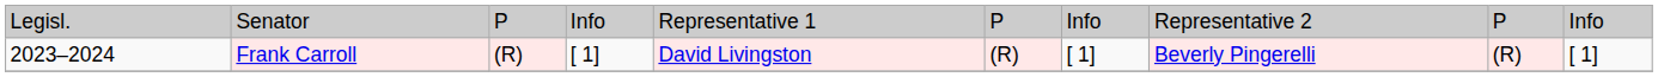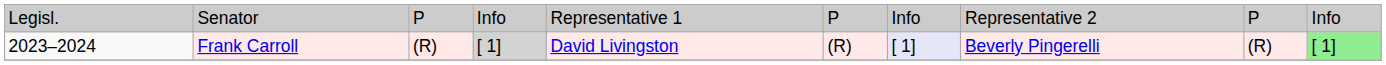 <table class=wikitable width="100%" border="1">
 <tr style="background-color:#cccccc;">
 <td>Legisl.</td>
 <td>Senator</td>
 <td>P</td>
 <td>Info</td>
 <td>Representative 1</td>
 <td>P</td>
 <td>Info</td>
 <td>Representative 2</td>
 <td>P</td>
 <td>Info</td>
 </tr>
 <tr>
 <td>2023–2024</td>
 <td style="background:#FFE8E8"><a href='#'>Frank Carroll</a></td>
 <td style="background:#FFE8E8">(R)</td>
-<td>[ 1]</td>
+<td style="background: lightgrey;">[ 1]</td>
 <td style="background:#FFE8E8"><a href='#'>David Livingston</a></td>
 <td style="background:#FFE8E8">(R)</td>
-<td>[ 1]</td>
+<td style="background: lavender;">[ 1]</td>
 <td style="background:#FFE8E8"><a href='#'>Beverly Pingerelli</a></td>
 <td style="background:#FFE8E8">(R)</td>
-<td>[ 1]</td>
+<td style="background: lightgreen;">[ 1]</td>
 </tr>
 <tr>
 </tr>
 </table>
